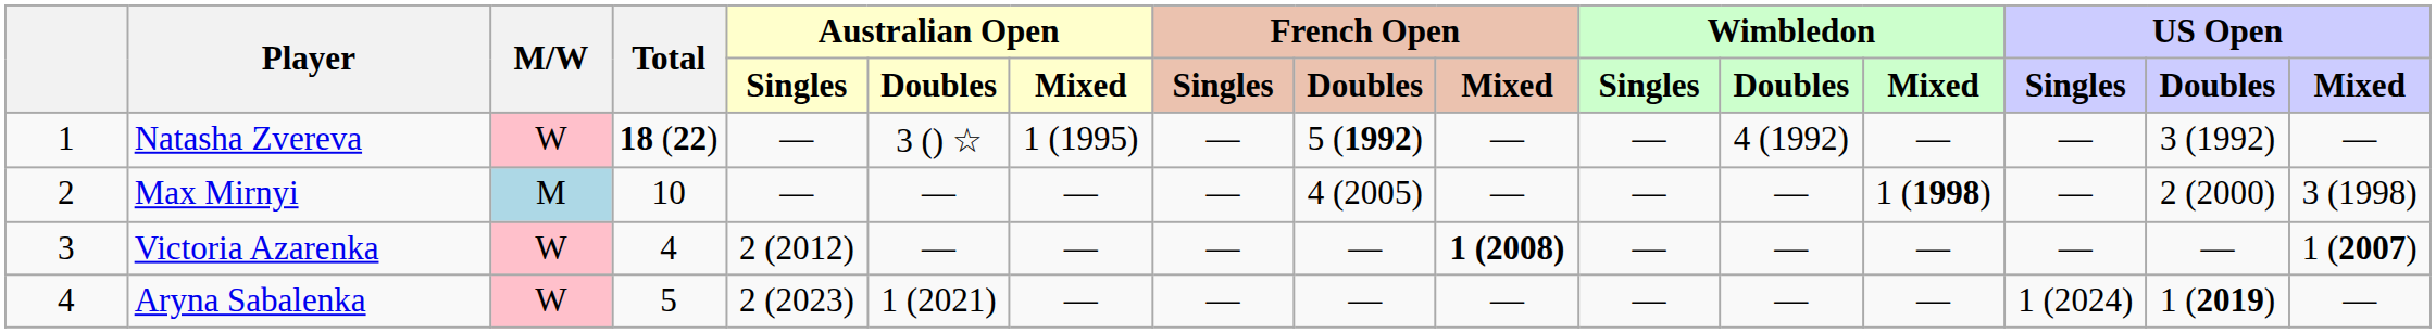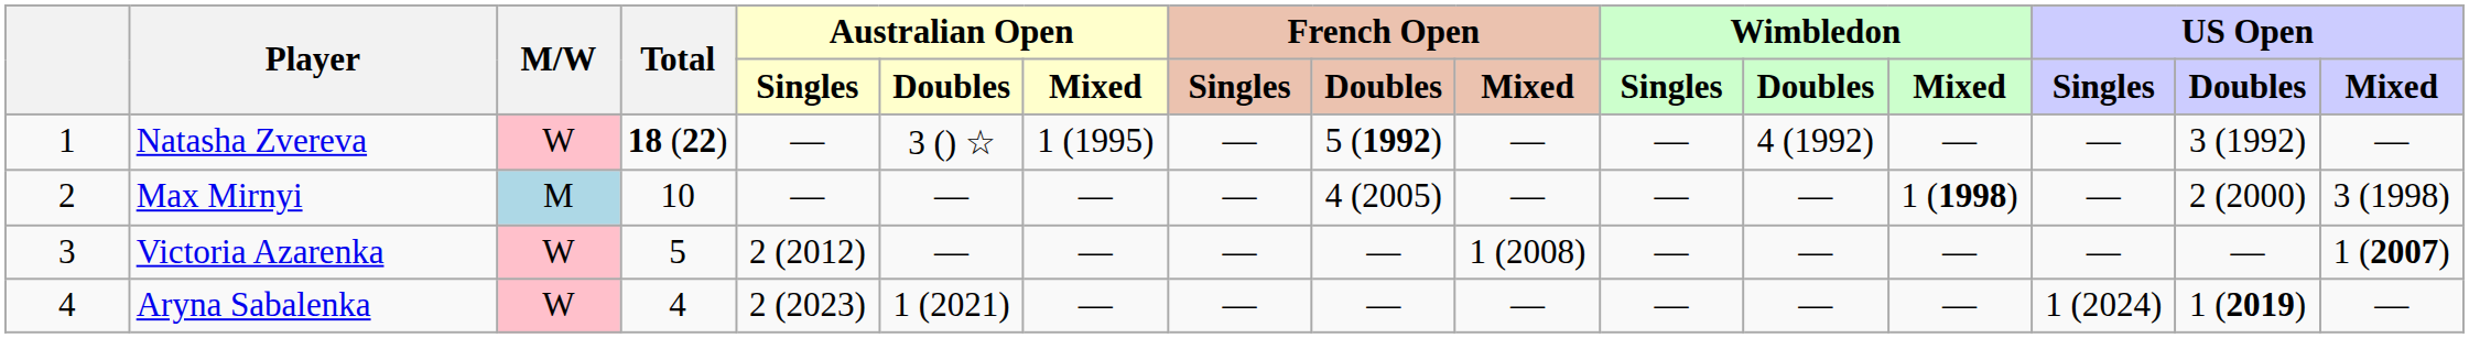 <table class="wikitable mw-datatable sortable" style="text-align:center;">
 <tr>
 <th data-sort-type="number" width="5%" rowspan="2"></th>
 <th width="15%" rowspan="2">Player</th>
 <th width="5%"  rowspan="2">M/W</th>
 <th rowspan="2">Total</th>
 <th colspan="3" style="background:#ffc;">Australian Open</th>
 <th colspan="3" style="background:#ebc2af;">French Open</th>
 <th colspan="3" style="background:#cfc;">Wimbledon</th>
 <th colspan="3" style="background:#ccf;">US Open</th>
 </tr>
 <tr>
 <th style="background:#ffc; width:60px;">Singles</th>
 <th style="background:#ffc; width:60px;">Doubles</th>
 <th style="background:#ffc; width:60px;">Mixed</th>
 <th style="background:#ebc2af; width:60px;">Singles</th>
 <th style="background:#ebc2af; width:60px;">Doubles</th>
 <th style="background:#ebc2af; width:60px;">Mixed</th>
 <th style="background:#cfc; width:60px;">Singles</th>
 <th style="background:#cfc; width:60px;">Doubles</th>
 <th style="background:#cfc; width:60px;">Mixed</th>
 <th style="background:#ccf; width:60px;">Singles</th>
 <th style="background:#ccf; width:60px;">Doubles</th>
 <th style="background:#ccf; width:60px;">Mixed</th>
 </tr>
 <tr>
 <td>1</td>
 <td style="text-align:left"><a href='#'>Natasha Zvereva</a></td>
 <td style="background:pink;">W</td>
 <td><strong>18</strong> (<strong>22</strong>)</td>
 <td>—</td>
 <td>3 () ☆</td>
 <td>1 (1995)</td>
 <td>—</td>
 <td>5 (<strong>1992</strong>)</td>
 <td>—</td>
 <td>—</td>
 <td>4 (1992)</td>
 <td>—</td>
 <td>—</td>
 <td>3 (1992)</td>
 <td>—</td>
 </tr>
 <tr>
 <td>2</td>
 <td style="text-align:left"><a href='#'>Max Mirnyi</a></td>
 <td style="background:lightblue;">M</td>
 <td>10</td>
 <td>—</td>
 <td>—</td>
 <td>—</td>
 <td>—</td>
 <td>4 (2005)</td>
 <td>—</td>
 <td>—</td>
 <td>—</td>
 <td>1 (<strong>1998</strong>)</td>
 <td>—</td>
 <td>2 (2000)</td>
 <td>3 (1998)</td>
 </tr>
 <tr>
 <td>3</td>
 <td style="text-align:left"><a href='#'>Victoria Azarenka</a></td>
 <td style="background:pink;">W</td>
-<td>4</td>
+<td>5</td>
 <td>2 (2012)</td>
 <td>—</td>
 <td>—</td>
 <td>—</td>
 <td>—</td>
-<td><strong>1 (2008)</strong></td>
+<td>1 (2008)</td>
 <td>—</td>
 <td>—</td>
 <td>—</td>
 <td>—</td>
 <td>—</td>
 <td>1 (<strong>2007</strong>)</td>
 </tr>
 <tr>
 <td>4</td>
 <td style="text-align:left"><a href='#'>Aryna Sabalenka</a></td>
 <td style="background:pink;">W</td>
-<td>5</td>
+<td>4</td>
 <td>2 (2023)</td>
 <td>1 (2021)</td>
 <td>—</td>
 <td>—</td>
 <td>—</td>
 <td>—</td>
 <td>—</td>
 <td>—</td>
 <td>—</td>
 <td>1 (2024)</td>
 <td>1 (<strong>2019</strong>)</td>
 <td>—</td>
 </tr>
 </table>
